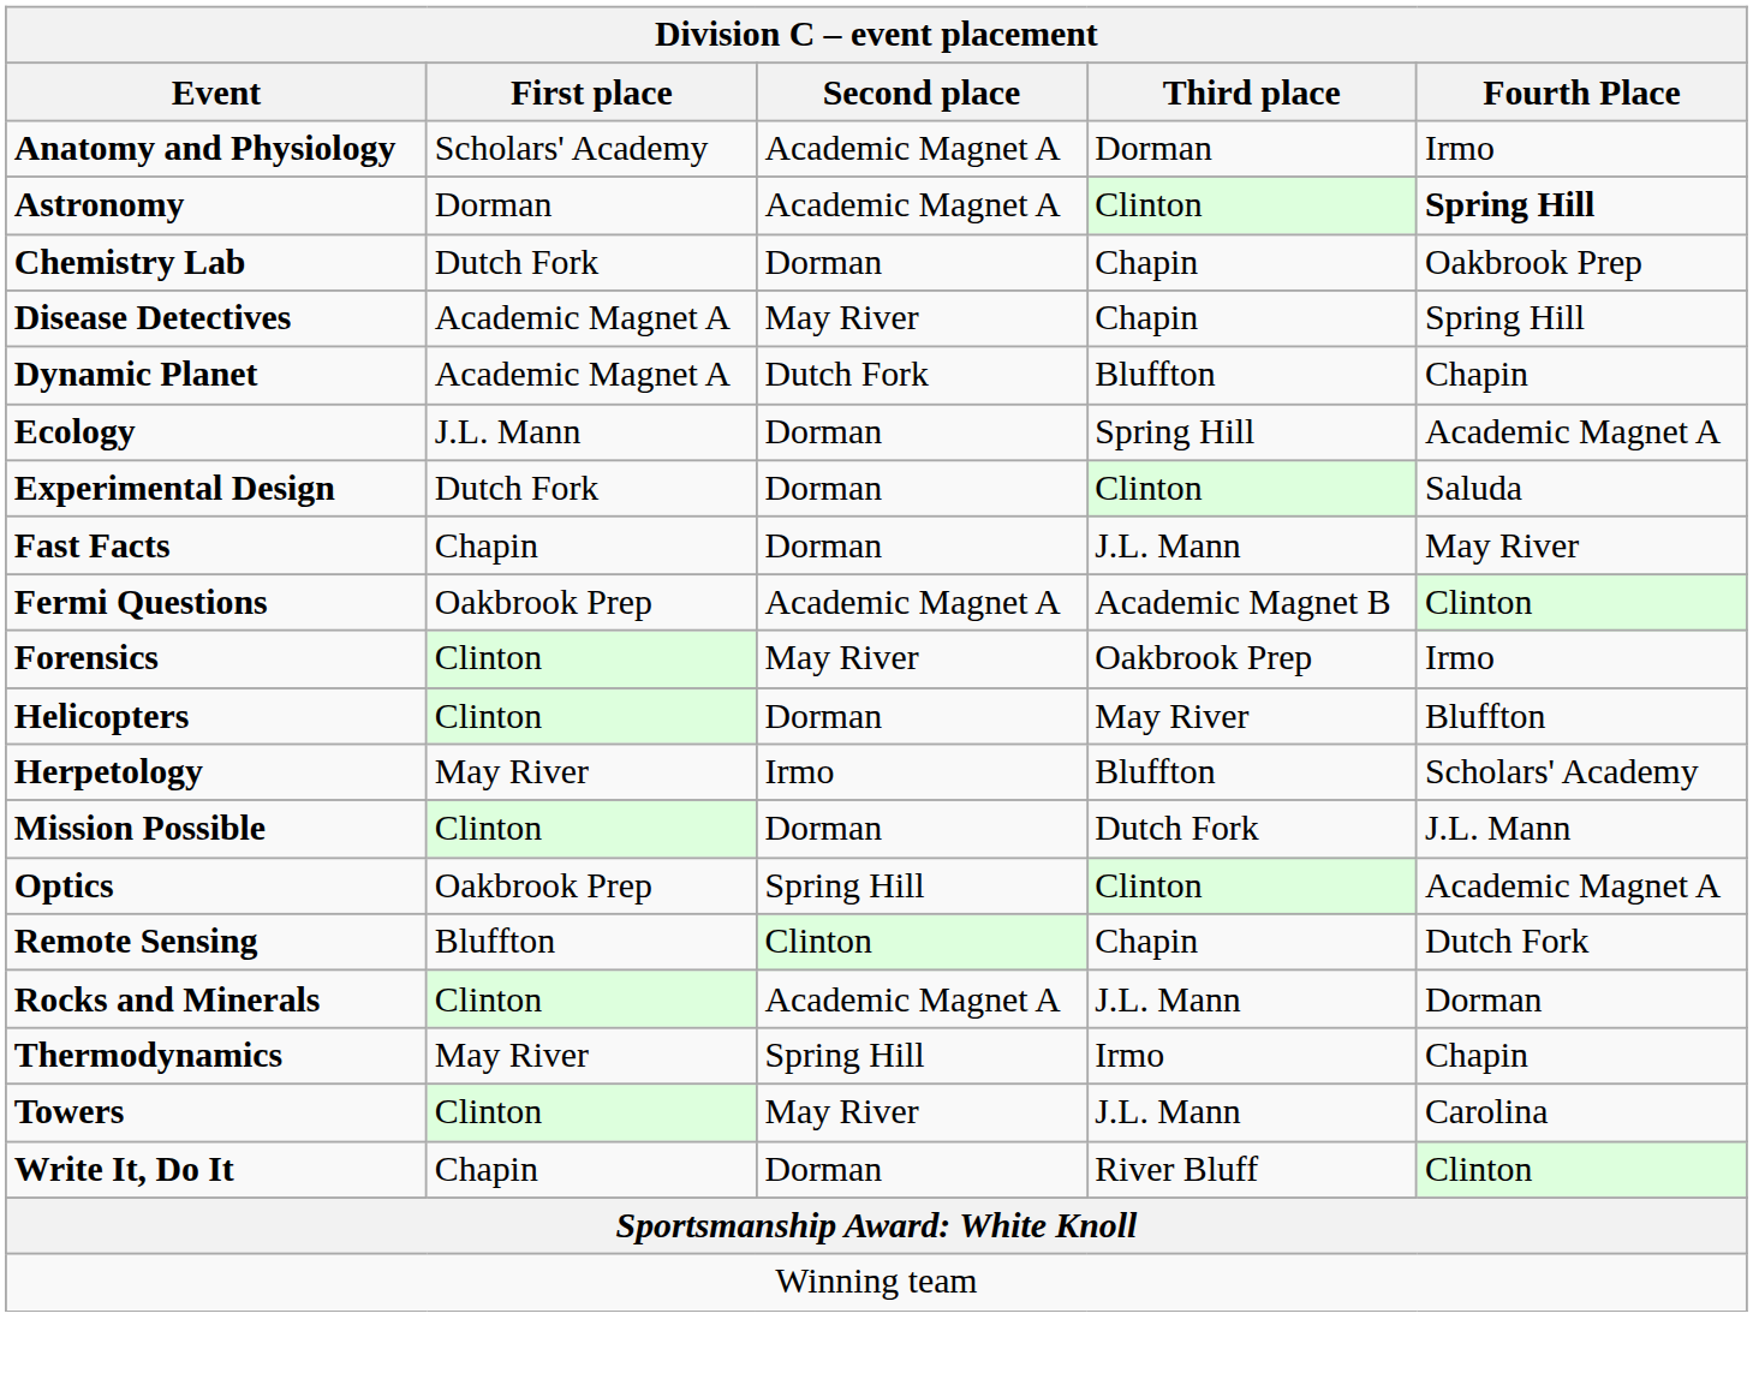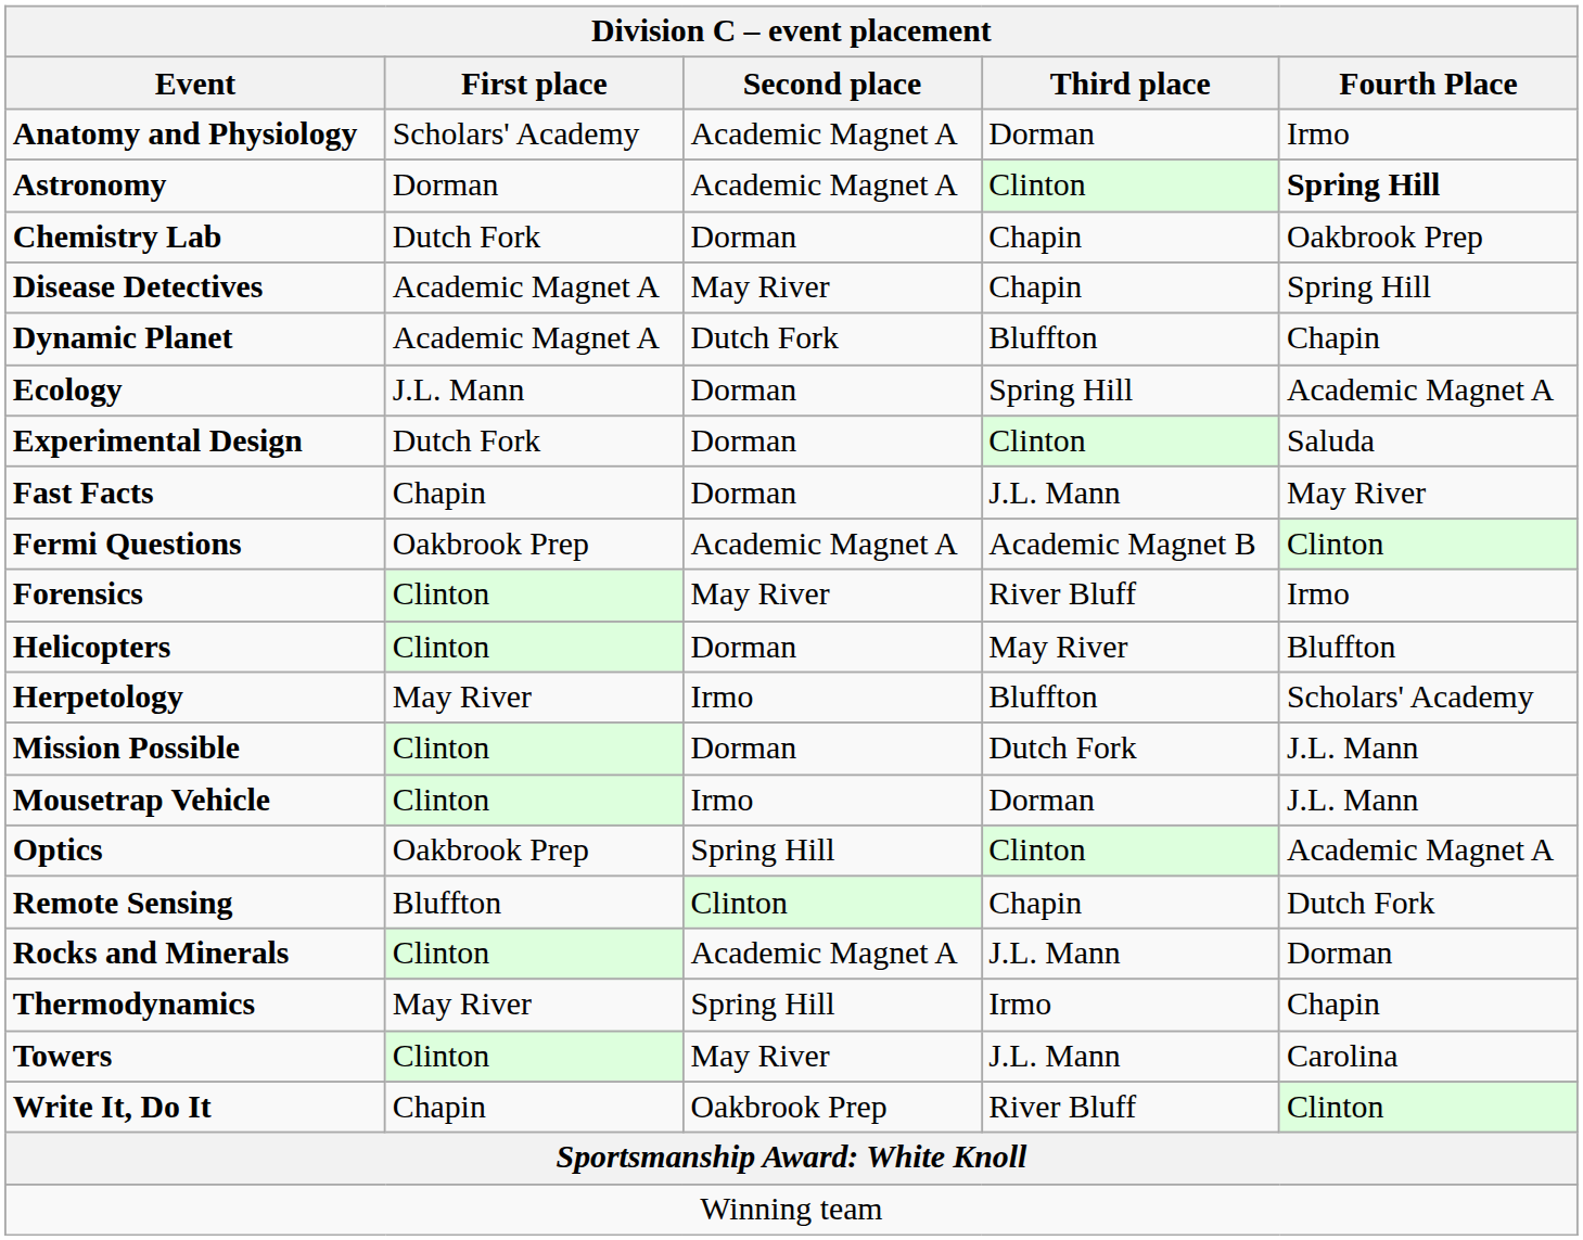 <table class="wikitable collapsible collapsed" style="float:left; width:780px">
 <tr>
 <th colspan=5>Division C – event placement</th>
 </tr>
 <tr>
 <th>Event</th>
 <th>First place</th>
 <th>Second place</th>
 <th>Third place</th>
 <th>Fourth Place</th>
 </tr>
 <tr>
 <td><strong>Anatomy and Physiology</strong></td>
 <td>Scholars' Academy</td>
 <td>Academic Magnet A</td>
 <td>Dorman</td>
 <td>Irmo</td>
 </tr>
 <tr>
 <td><strong>Astronomy</strong></td>
 <td>Dorman</td>
 <td>Academic Magnet A</td>
 <td style="background:#ddffdd">Clinton</td>
 <td><strong>Spring Hill</strong></td>
 </tr>
 <tr>
 <td><strong>Chemistry Lab</strong></td>
 <td>Dutch Fork</td>
 <td>Dorman</td>
 <td>Chapin</td>
 <td>Oakbrook Prep</td>
 </tr>
 <tr>
 <td><strong>Disease Detectives</strong></td>
 <td>Academic Magnet A</td>
 <td>May River</td>
 <td>Chapin</td>
 <td>Spring Hill</td>
 </tr>
 <tr>
 <td><strong>Dynamic Planet</strong></td>
 <td>Academic Magnet A</td>
 <td>Dutch Fork</td>
 <td>Bluffton</td>
 <td>Chapin</td>
 </tr>
 <tr>
 <td><strong>Ecology</strong></td>
 <td>J.L. Mann</td>
 <td>Dorman</td>
 <td>Spring Hill</td>
 <td>Academic Magnet A</td>
 </tr>
 <tr>
 <td><strong>Experimental Design</strong></td>
 <td>Dutch Fork</td>
 <td>Dorman</td>
 <td style="background:#ddffdd">Clinton</td>
 <td>Saluda</td>
 </tr>
 <tr>
 <td><strong>Fast Facts</strong></td>
 <td>Chapin</td>
 <td>Dorman</td>
 <td>J.L. Mann</td>
 <td>May River</td>
 </tr>
 <tr>
 <td><strong>Fermi Questions</strong></td>
 <td>Oakbrook Prep</td>
 <td>Academic Magnet A</td>
 <td>Academic Magnet B</td>
 <td style="background:#ddffdd">Clinton</td>
 </tr>
 <tr>
 <td><strong>Forensics</strong></td>
 <td style="background:#ddffdd">Clinton</td>
 <td>May River</td>
-<td>Oakbrook Prep</td>
+<td>River Bluff</td>
 <td>Irmo</td>
 </tr>
 <tr>
 <td><strong>Helicopters</strong></td>
 <td style="background:#ddffdd">Clinton</td>
 <td>Dorman</td>
 <td>May River</td>
 <td>Bluffton</td>
 </tr>
 <tr>
 <td><strong>Herpetology</strong></td>
 <td>May River</td>
 <td>Irmo</td>
 <td>Bluffton</td>
 <td>Scholars' Academy</td>
 </tr>
 <tr>
 <td><strong>Mission Possible</strong></td>
 <td style="background:#ddffdd">Clinton</td>
 <td>Dorman</td>
 <td>Dutch Fork</td>
+<td>J.L. Mann</td>
+</tr>
+<tr>
+<td><strong>Mousetrap Vehicle</strong></td>
+<td style="background:#ddffdd">Clinton</td>
+<td>Irmo</td>
+<td>Dorman</td>
 <td>J.L. Mann</td>
 </tr>
 <tr>
 <td><strong>Optics</strong></td>
 <td>Oakbrook Prep</td>
 <td>Spring Hill</td>
 <td style="background:#ddffdd">Clinton</td>
 <td>Academic Magnet A</td>
 </tr>
 <tr>
 <td><strong>Remote Sensing</strong></td>
 <td>Bluffton</td>
 <td style="background:#ddffdd">Clinton</td>
 <td>Chapin</td>
 <td>Dutch Fork</td>
 </tr>
 <tr>
 <td><strong>Rocks and Minerals</strong></td>
 <td style="background:#ddffdd">Clinton</td>
 <td>Academic Magnet A</td>
 <td>J.L. Mann</td>
 <td>Dorman</td>
 </tr>
 <tr>
 <td><strong>Thermodynamics</strong></td>
 <td>May River</td>
 <td>Spring Hill</td>
 <td>Irmo</td>
 <td>Chapin</td>
 </tr>
 <tr>
 <td><strong>Towers</strong></td>
 <td style="background:#ddffdd">Clinton</td>
 <td>May River</td>
 <td>J.L. Mann</td>
 <td>Carolina</td>
 </tr>
 <tr>
 <td><strong>Write It, Do It</strong></td>
 <td>Chapin</td>
-<td>Dorman</td>
+<td>Oakbrook Prep</td>
 <td>River Bluff</td>
 <td style="background:#ddffdd">Clinton</td>
 </tr>
 <tr>
 <th colspan=5><em>Sportsmanship Award: White Knoll</em></th>
 </tr>
 <tr>
 <td colspan=5 style=text-align:center> Winning team</td>
 </tr>
 </table>
